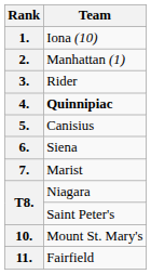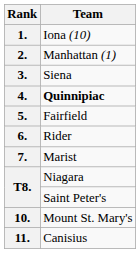 <table class="wikitable">
 <tr>
 <th>Rank</th>
 <th>Team</th>
 </tr>
 <tr>
 <th>1.</th>
 <td>Iona <em>(10)</em></td>
 </tr>
 <tr>
 <th>2.</th>
 <td>Manhattan <em>(1)</em></td>
 </tr>
 <tr>
 <th>3.</th>
-<td>Rider</td>
+<td>Siena</td>
 </tr>
 <tr>
 <th>4.</th>
 <td><strong>Quinnipiac</strong></td>
 </tr>
 <tr>
 <th>5.</th>
-<td>Canisius</td>
+<td>Fairfield</td>
 </tr>
 <tr>
 <th>6.</th>
-<td>Siena</td>
+<td>Rider</td>
 </tr>
 <tr>
 <th>7.</th>
 <td>Marist</td>
 </tr>
 <tr>
 <th rowspan=2>T8.</th>
 <td>Niagara</td>
 </tr>
 <tr>
 <td>Saint Peter's</td>
 </tr>
 <tr>
 <th>10.</th>
 <td>Mount St. Mary's</td>
 </tr>
 <tr>
 <th>11.</th>
-<td>Fairfield</td>
+<td>Canisius</td>
 </tr>
 </table>
